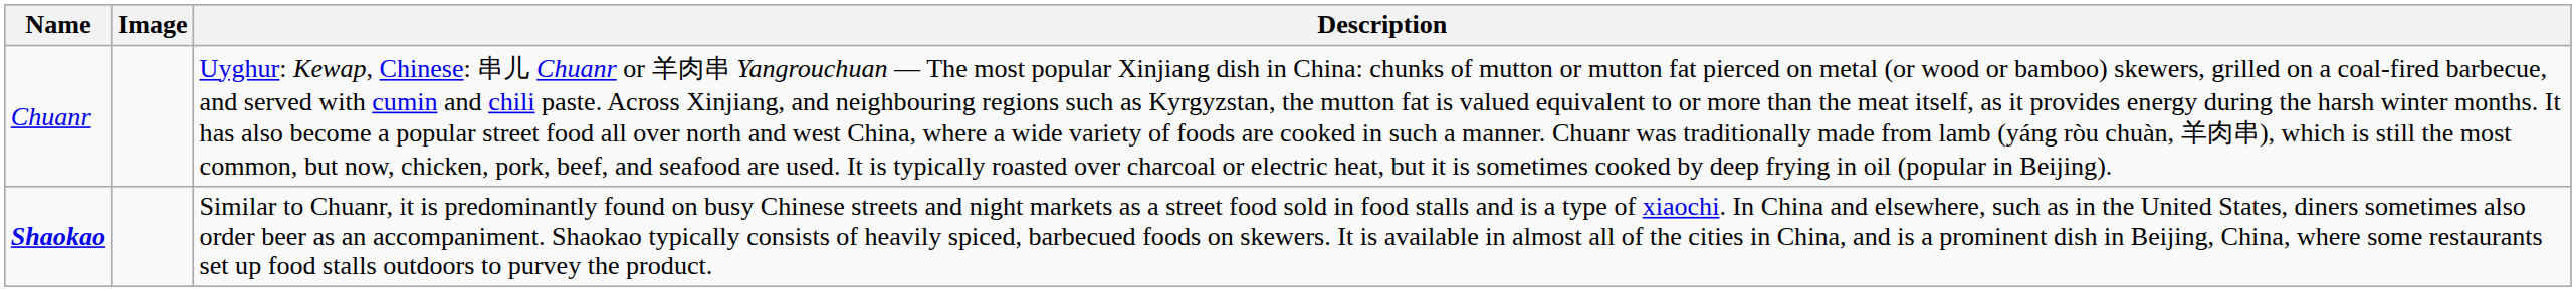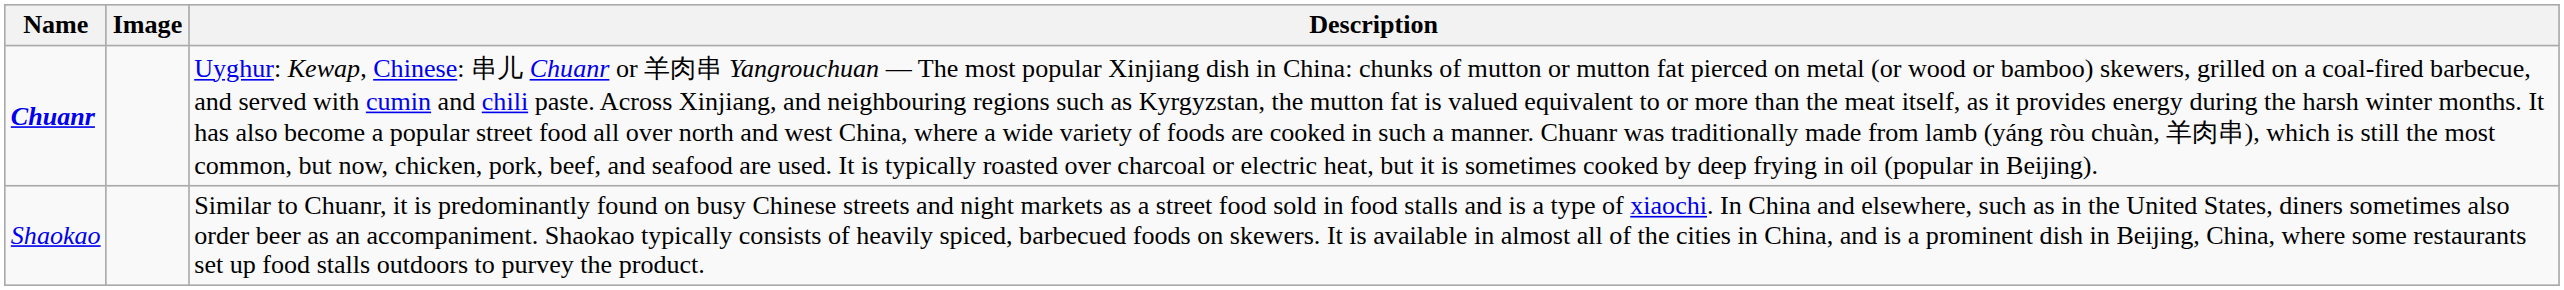 <table class="wikitable">
 <tr>
 <th>Name</th>
 <th class="unsortable">Image</th>
 <th>Description</th>
 </tr>
 <tr>
-<td><em><a href='#'>Chuanr</a></em></td>
+<td><strong><em><a href='#'>Chuanr</a></em></strong></td>
 <td></td>
 <td><a href='#'>Uyghur</a>: <em>Kewap</em>, <a href='#'>Chinese</a>: 串儿 <em><a href='#'>Chuanr</a></em> or 羊肉串 <em>Yangrouchuan</em> — The most popular Xinjiang dish in China: chunks of mutton or mutton fat pierced on metal (or wood or bamboo) skewers, grilled on a coal-fired barbecue, and served with <a href='#'>cumin</a> and <a href='#'>chili</a> paste. Across Xinjiang, and neighbouring regions such as Kyrgyzstan, the mutton fat is valued equivalent to or more than the meat itself, as it provides energy during the harsh winter months. It has also become a popular street food all over north and west China, where a wide variety of foods are cooked in such a manner. Chuanr was traditionally made from lamb (yáng ròu chuàn, 羊肉串), which is still the most common, but now, chicken, pork, beef, and seafood are used. It is typically roasted over charcoal or electric heat, but it is sometimes cooked by deep frying in oil (popular in Beijing).</td>
 </tr>
 <tr>
-<td><strong><em><a href='#'>Shaokao</a></em></strong></td>
+<td><em><a href='#'>Shaokao</a></em></td>
 <td></td>
 <td>Similar to Chuanr, it is predominantly found on busy Chinese streets and night markets as a street food sold in food stalls and is a type of <a href='#'>xiaochi</a>. In China and elsewhere, such as in the United States, diners sometimes also order beer as an accompaniment. Shaokao typically consists of heavily spiced, barbecued foods on skewers. It is available in almost all of the cities in China, and is a prominent dish in Beijing, China, where some restaurants set up food stalls outdoors to purvey the product.</td>
 </tr>
 </table>
